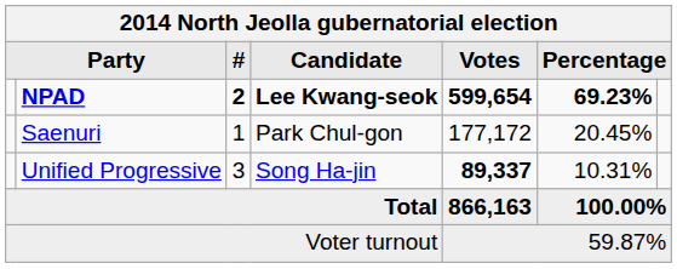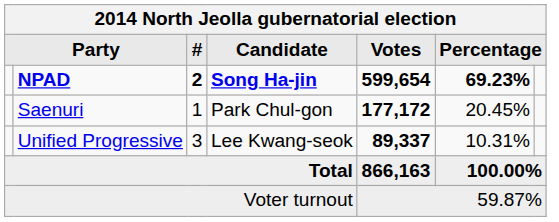 <table class="wikitable">
 <tr>
 <th colspan="7">2014 North Jeolla gubernatorial election</th>
 </tr>
 <tr>
 <th style="background-color:#E9E9E9" colspan=2>Party</th>
 <th style="background-color:#E9E9E9">#</th>
 <th style="background-color:#E9E9E9">Candidate</th>
 <th style="background-color:#E9E9E9">Votes</th>
 <th style="background-color:#E9E9E9" colspan=2>Percentage</th>
 </tr>
 <tr style="font-weight:bold">
 <td></td>
 <td align=left><a href='#'>NPAD</a></td>
 <td align=center>2</td>
-<td align=left>Lee Kwang-seok</td>
+<td align=left><a href='#'>Song Ha-jin</a></td>
 <td align=right>599,654</td>
 <td align=right>69.23%</td>
 <td align=right></td>
 </tr>
 <tr>
 <td></td>
 <td align=left><a href='#'>Saenuri</a></td>
 <td align=center>1</td>
 <td align=left>Park Chul-gon</td>
-<td align=right>177,172</td>
+<td align=right><strong>177,172</strong></td>
 <td align=right>20.45%</td>
 <td align=right></td>
 </tr>
 <tr>
 <td></td>
 <td align=left><a href='#'>Unified Progressive</a></td>
 <td align=center>3</td>
-<td align=left><a href='#'>Song Ha-jin</a></td>
+<td align=left>Lee Kwang-seok</td>
 <td align=right><strong>89,337</strong></td>
 <td align=right>10.31%</td>
 <td align=right></td>
 </tr>
 <tr bgcolor="#EEEEEE" style="font-weight:bold">
 <td colspan="4" align=right>Total</td>
 <td align=right>866,163</td>
 <td align=right colspan=2>100.00%</td>
 </tr>
 <tr bgcolor="#EEEEEE">
 <td colspan="4" align="right">Voter turnout</td>
 <td colspan="3" align="right">59.87%</td>
 </tr>
 </table>
